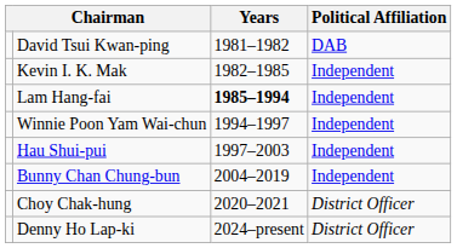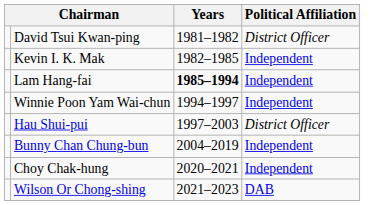 <table class="wikitable">
 <tr>
 <th colspan=2>Chairman</th>
 <th>Years</th>
 <th>Political Affiliation</th>
 </tr>
 <tr>
 <td style="color:inherit;background:"></td>
 <td>David Tsui Kwan-ping</td>
 <td>1981–1982</td>
-<td><a href='#'>DAB</a></td>
+<td><em>District Officer</em></td>
 </tr>
 <tr>
 <td style="color:inherit;background:"></td>
 <td>Kevin I. K. Mak</td>
 <td>1982–1985</td>
 <td><a href='#'>Independent</a></td>
 </tr>
 <tr>
 <td style="color:inherit;background:"></td>
 <td>Lam Hang-fai</td>
 <td><strong>1985–1994</strong></td>
 <td><a href='#'>Independent</a></td>
 </tr>
 <tr>
 <td style="color:inherit;background:"></td>
 <td>Winnie Poon Yam Wai-chun</td>
 <td>1994–1997</td>
 <td><a href='#'>Independent</a></td>
 </tr>
 <tr>
 <td style="color:inherit;background:"></td>
 <td><a href='#'>Hau Shui-pui</a></td>
 <td>1997–2003</td>
-<td><a href='#'>Independent</a></td>
+<td><em>District Officer</em></td>
 </tr>
 <tr>
 <td style="color:inherit;background:"></td>
 <td><a href='#'>Bunny Chan Chung-bun</a></td>
 <td>2004–2019</td>
 <td><a href='#'>Independent</a></td>
 </tr>
 <tr>
 <td style="color:inherit;background:"></td>
 <td>Choy Chak-hung</td>
 <td>2020–2021</td>
-<td><em>District Officer</em></td>
+<td><a href='#'>Independent</a></td>
 </tr>
 <tr>
 <td style="color:inherit;background:"></td>
-<td>Denny Ho Lap-ki</td>
-<td>2024–present</td>
-<td><em>District Officer</em></td>
+<td><a href='#'>Wilson Or Chong-shing</a></td>
+<td>2021–2023</td>
+<td><a href='#'>DAB</a></td>
 </tr>
 </table>
